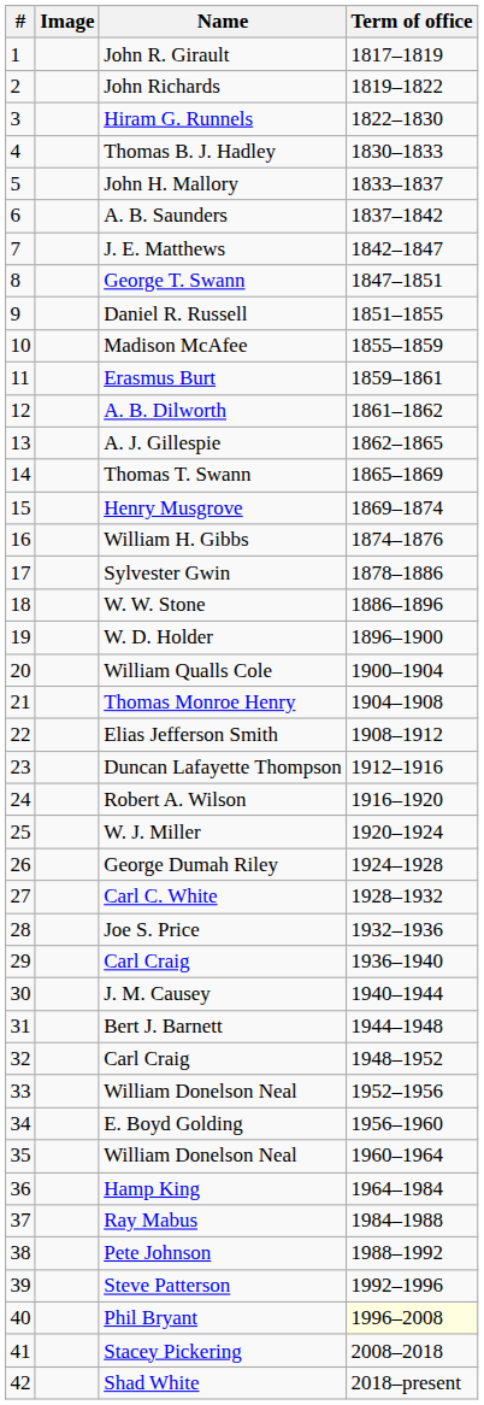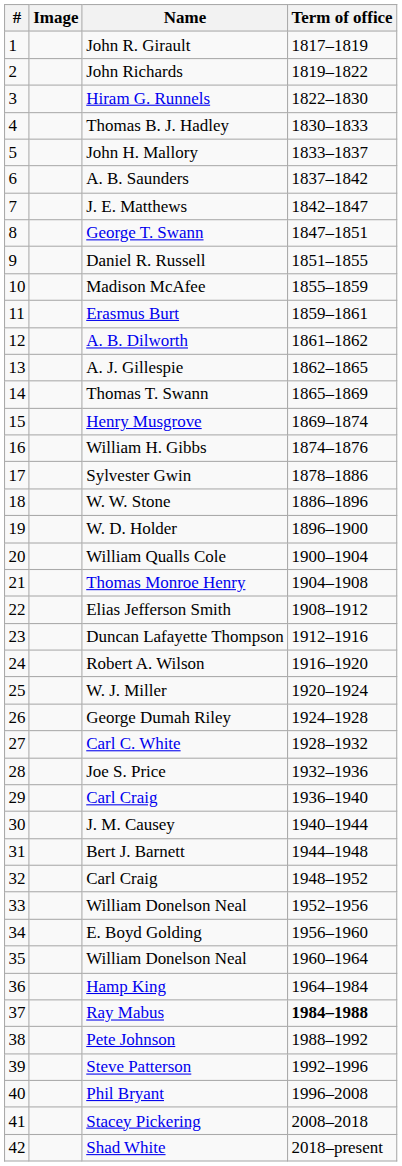 <table class="wikitable">
 <tr>
 <th>#</th>
 <th>Image</th>
 <th>Name</th>
 <th>Term of office</th>
 </tr>
 <tr>
 <td>1</td>
 <td></td>
 <td data-sort-value="Girault, John R.">John R. Girault</td>
 <td>1817–1819</td>
 </tr>
 <tr>
 <td>2</td>
 <td></td>
 <td data-sort-value="Richards, John">John Richards</td>
 <td>1819–1822</td>
 </tr>
 <tr>
 <td>3</td>
 <td></td>
 <td data-sort-value="Runnels, Hiram G."><a href='#'>Hiram G. Runnels</a></td>
 <td>1822–1830</td>
 </tr>
 <tr>
 <td>4</td>
 <td></td>
 <td data-sort-value="Hadley, Thomas B. J.">Thomas B. J. Hadley</td>
 <td>1830–1833</td>
 </tr>
 <tr>
 <td>5</td>
 <td></td>
 <td data-sort-value="Mallory, John H.">John H. Mallory</td>
 <td>1833–1837</td>
 </tr>
 <tr>
 <td>6</td>
 <td></td>
 <td data-sort-value="Saunders, A. B.">A. B. Saunders</td>
 <td>1837–1842</td>
 </tr>
 <tr>
 <td>7</td>
 <td></td>
 <td data-sort-value="Matthews, J. E.">J. E. Matthews</td>
 <td>1842–1847</td>
 </tr>
 <tr>
 <td>8</td>
 <td></td>
 <td data-sort-value="Swann, George T."><a href='#'>George T. Swann</a></td>
 <td>1847–1851</td>
 </tr>
 <tr>
 <td>9</td>
 <td></td>
 <td data-sort-value="Russell, Daniel R.">Daniel R. Russell</td>
 <td>1851–1855</td>
 </tr>
 <tr>
 <td>10</td>
 <td></td>
 <td data-sort-value="McAfee, Madison">Madison McAfee</td>
 <td>1855–1859</td>
 </tr>
 <tr>
 <td>11</td>
 <td></td>
 <td data-sort-value="Burt, Erasmus"><a href='#'>Erasmus Burt</a></td>
 <td>1859–1861</td>
 </tr>
 <tr>
 <td>12</td>
 <td></td>
 <td data-sort-value="Dilworth, A. B."><a href='#'>A. B. Dilworth</a></td>
 <td>1861–1862</td>
 </tr>
 <tr>
 <td>13</td>
 <td></td>
 <td data-sort-value="Gillespie, A. J.">A. J. Gillespie</td>
 <td>1862–1865</td>
 </tr>
 <tr>
 <td>14</td>
 <td></td>
 <td data-sort-value="Swann, Thomas T.">Thomas T. Swann</td>
 <td>1865–1869</td>
 </tr>
 <tr>
 <td>15</td>
 <td></td>
 <td data-sort-value="Musgrove, Henry"><a href='#'>Henry Musgrove</a></td>
 <td>1869–1874</td>
 </tr>
 <tr>
 <td>16</td>
 <td></td>
 <td data-sort-value="Gibbs, William H.">William H. Gibbs</td>
 <td>1874–1876</td>
 </tr>
 <tr>
 <td>17</td>
 <td></td>
 <td data-sort-value="Gwin, Sylvester">Sylvester Gwin</td>
 <td>1878–1886</td>
 </tr>
 <tr>
 <td>18</td>
 <td></td>
 <td data-sort-value="Stone, W. W.">W. W. Stone</td>
 <td>1886–1896</td>
 </tr>
 <tr>
 <td>19</td>
 <td></td>
 <td data-sort-value="Holder, W. D.">W. D. Holder</td>
 <td>1896–1900</td>
 </tr>
 <tr>
 <td>20</td>
 <td></td>
 <td data-sort-value="Cole, William Qualls">William Qualls Cole</td>
 <td>1900–1904</td>
 </tr>
 <tr>
 <td>21</td>
 <td></td>
 <td data-sort-value="Henry, Thomas Monroe"><a href='#'>Thomas Monroe Henry</a></td>
 <td>1904–1908</td>
 </tr>
 <tr>
 <td>22</td>
 <td></td>
 <td data-sort-value="Smith, Elias Jefferson">Elias Jefferson Smith</td>
 <td>1908–1912</td>
 </tr>
 <tr>
 <td>23</td>
 <td></td>
 <td data-sort-value="Thompson, Duncan Lafayette">Duncan Lafayette Thompson</td>
 <td>1912–1916</td>
 </tr>
 <tr>
 <td>24</td>
 <td></td>
 <td data-sort-value="Wilson, Robert A.">Robert A. Wilson</td>
 <td>1916–1920</td>
 </tr>
 <tr>
 <td>25</td>
 <td></td>
 <td data-sort-value="Miller, W. J.">W. J. Miller</td>
 <td>1920–1924</td>
 </tr>
 <tr>
 <td>26</td>
 <td></td>
 <td data-sort-value="Riley, George Dumah">George Dumah Riley</td>
 <td>1924–1928</td>
 </tr>
 <tr>
 <td>27</td>
 <td></td>
 <td data-sort-value="White, Carl C."><a href='#'>Carl C. White</a></td>
 <td>1928–1932</td>
 </tr>
 <tr>
 <td>28</td>
 <td></td>
 <td data-sort-value="Price, Joe S.">Joe S. Price</td>
 <td>1932–1936</td>
 </tr>
 <tr>
 <td>29</td>
 <td></td>
 <td data-sort-value="Craig, Carl"><a href='#'>Carl Craig</a></td>
 <td>1936–1940</td>
 </tr>
 <tr>
 <td>30</td>
 <td></td>
 <td data-sort-value="Causey, J. M.">J. M. Causey</td>
 <td>1940–1944</td>
 </tr>
 <tr>
 <td>31</td>
 <td></td>
 <td data-sort-value="Barnett, Bert J.">Bert J. Barnett</td>
 <td>1944–1948</td>
 </tr>
 <tr>
 <td>32</td>
 <td></td>
 <td data-sort-value="Craig, Carl">Carl Craig</td>
 <td>1948–1952</td>
 </tr>
 <tr>
 <td>33</td>
 <td></td>
 <td data-sort-value="Neal, William Donelson">William Donelson Neal</td>
 <td>1952–1956</td>
 </tr>
 <tr>
 <td>34</td>
 <td></td>
 <td data-sort-value="Golding, E. Boyd">E. Boyd Golding</td>
 <td>1956–1960</td>
 </tr>
 <tr>
 <td>35</td>
 <td></td>
 <td data-sort-value="Neal, William Donelson">William Donelson Neal</td>
 <td>1960–1964</td>
 </tr>
 <tr>
 <td>36</td>
 <td></td>
 <td data-sort-value="King, William Hampton"><a href='#'>Hamp King</a></td>
 <td>1964–1984</td>
 </tr>
 <tr>
 <td>37</td>
 <td></td>
 <td data-sort-value="Mabus, Ray"><a href='#'>Ray Mabus</a></td>
-<td>1984–1988</td>
+<td><strong>1984–1988</strong></td>
 </tr>
 <tr>
 <td>38</td>
 <td></td>
 <td data-sort-value="Johnson, Pete"><a href='#'>Pete Johnson</a></td>
 <td>1988–1992</td>
 </tr>
 <tr>
 <td>39</td>
 <td></td>
 <td data-sort-value="Patterson, Steven A."><a href='#'>Steve Patterson</a></td>
 <td>1992–1996</td>
 </tr>
 <tr>
 <td>40</td>
 <td></td>
 <td data-sort-value="Bryant, Phil"><a href='#'>Phil Bryant</a></td>
-<td style="background: lightyellow;">1996–2008</td>
+<td>1996–2008</td>
 </tr>
 <tr>
 <td>41</td>
 <td></td>
 <td data-sort-value="Pickering, Stacey"><a href='#'>Stacey Pickering</a></td>
 <td>2008–2018</td>
 </tr>
 <tr>
 <td>42</td>
 <td></td>
 <td data-sort-value="White, Shad"><a href='#'>Shad White</a></td>
 <td>2018–present</td>
 </tr>
 </table>
